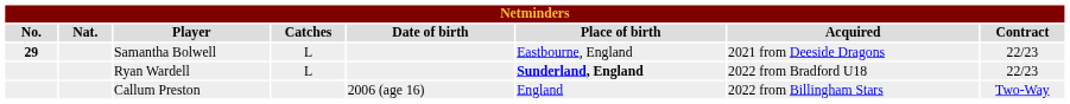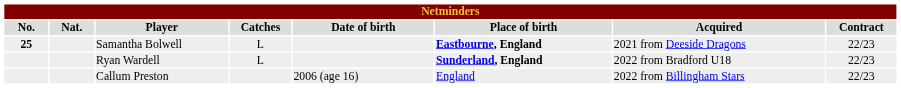 <table class="toccolours"  style="width:97%; clear:both; margin:1.5em auto; text-align:center;">
 <tr>
 <th colspan="10" style="background:maroon; color:#fbbb36;”">Netminders</th>
 </tr>
 <tr style="background:#ddd;">
 <th width=5%>No.</th>
 <th width=5%>Nat.</th>
 <th !width=22%>Player</th>
 <th width=7%>Catches</th>
 <th width=16%>Date of birth</th>
 <th width=20%>Place of birth</th>
 <th width=24%>Acquired</th>
 <td><strong>Contract</strong></td>
 </tr>
 <tr style="background:#eee;">
-<td><strong>29</strong></td>
+<td><strong>25</strong></td>
 <td></td>
 <td align=left>Samantha Bolwell</td>
 <td>L</td>
 <td align=left></td>
-<td align=left><a href='#'>Eastbourne</a>, England</td>
+<td align=left><strong><a href='#'>Eastbourne</a>, England</strong></td>
 <td align=left>2021 from <a href='#'>Deeside Dragons</a></td>
 <td>22/23</td>
 </tr>
 <tr style="background:#eee;">
 <td></td>
 <td></td>
 <td align=left>Ryan Wardell</td>
 <td>L</td>
 <td align=left></td>
 <td align=left><strong><a href='#'>Sunderland</a>, England</strong></td>
 <td align=left>2022 from Bradford U18</td>
 <td>22/23</td>
 </tr>
 <tr style="background:#eee;">
 <td></td>
 <td></td>
 <td align=left>Callum Preston</td>
 <td></td>
 <td align=left>2006 (age 16)</td>
 <td align=left><a href='#'>England</a></td>
 <td align=left>2022 from <a href='#'>Billingham Stars</a></td>
-<td><a href='#'>Two-Way</a></td>
+<td>22/23</td>
 </tr>
 </table>
